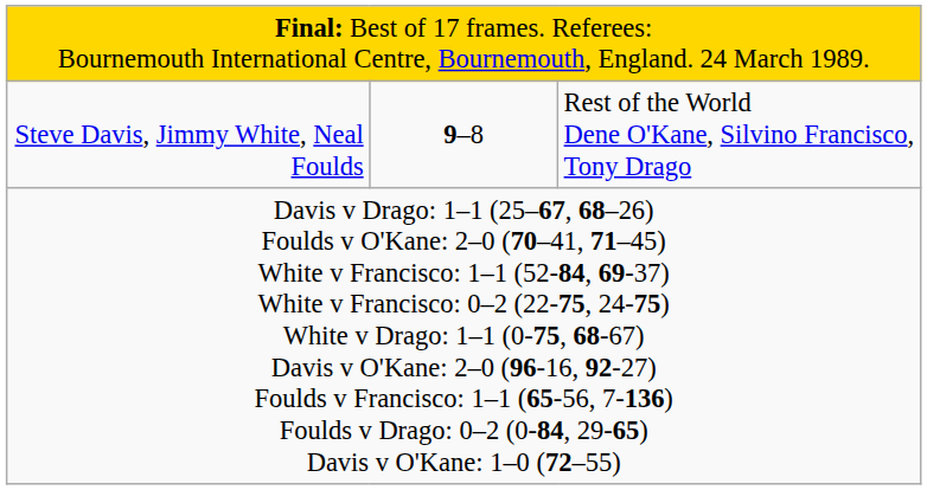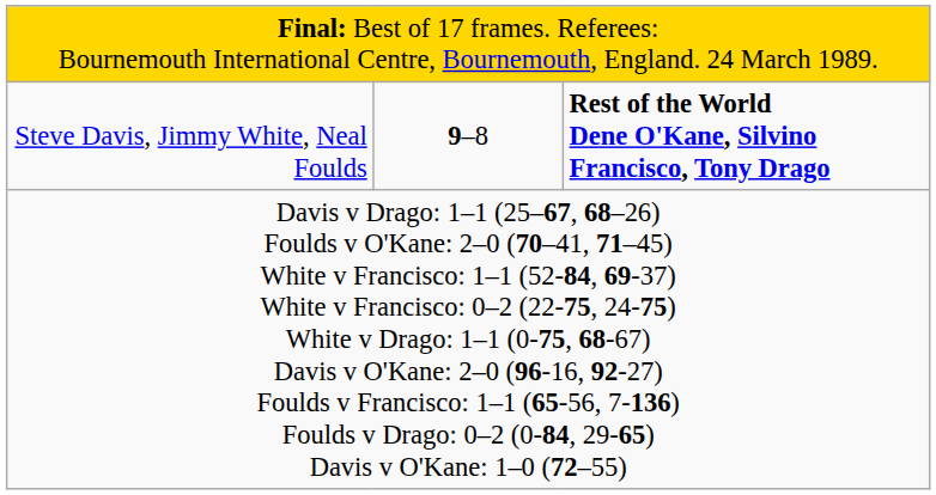 <table class="wikitable" style="font-size: 95%; margin: 1em auto 1em auto;">
 <tr>
 <td colspan="3" align="center" bgcolor="#ffd700"><strong>Final:</strong> Best of 17 frames. Referees:  <br> Bournemouth International Centre, <a href='#'>Bournemouth</a>, England. 24 March 1989.</td>
 </tr>
 <tr>
 <td width="200" align="right"><strong></strong> <br> <a href='#'>Steve Davis</a>, <a href='#'>Jimmy White</a>, <a href='#'>Neal Foulds</a></td>
 <td width="100" align="center"><strong>9</strong>–8</td>
-<td width="200">Rest of the World <br> <a href='#'>Dene O'Kane</a>,  <a href='#'>Silvino Francisco</a>, <a href='#'>Tony Drago</a></td>
+<td width="200"><strong>Rest of the World <br> <a href='#'>Dene O'Kane</a>,  <a href='#'>Silvino Francisco</a>, <a href='#'>Tony Drago</a></strong></td>
 </tr>
 <tr>
 <td colspan="3" align="center" style="font-size: 100%">Davis v Drago:  1–1 (25–<strong>67</strong>, <strong>68</strong>–26) <br> Foulds v O'Kane: 2–0 (<strong>70</strong>–41, <strong>71</strong>–45) <br> White v Francisco: 1–1 (52-<strong>84</strong>, <strong>69</strong>-37) <br> White v Francisco: 0–2 (22-<strong>75</strong>, 24-<strong>75</strong>) <br> White v Drago: 1–1 (0-<strong>75</strong>, <strong>68</strong>-67) <br> Davis v O'Kane: 2–0 (<strong>96</strong>-16, <strong>92</strong>-27) <br> Foulds v Francisco: 1–1 (<strong>65</strong>-56, 7-<strong>136</strong>) <br> Foulds v Drago: 0–2 (0-<strong>84</strong>, 29-<strong>65</strong>) <br> Davis v O'Kane: 1–0 (<strong>72</strong>–55)<br></td>
 </tr>
 </table>
